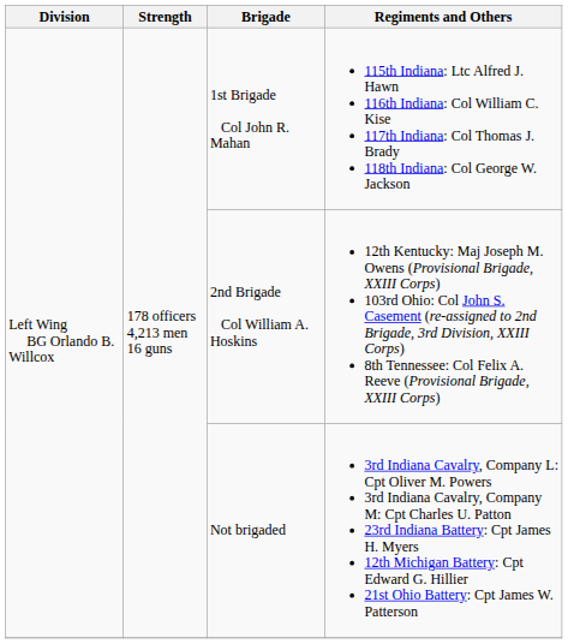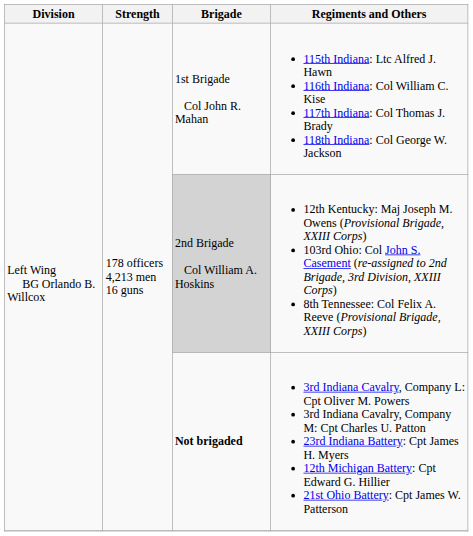 <table class="wikitable" style="text-align:left; width:70%;">
 <tr>
 <th width=15%>Division</th>
 <th width=10%>Strength</th>
 <th width=15%>Brigade</th>
 <th width=30%>Regiments and Others</th>
 </tr>
 <tr>
 <td rowspan=3><br>Left Wing <br>     BG Orlando B. Willcox</td>
 <td rowspan=3>178 officers<br>4,213 men<br>16 guns</td>
 <td>1st Brigade<br><br>   Col John R. Mahan</td>
 <td><br><ul><li><a href='#'>115th Indiana</a>: Ltc Alfred J. Hawn</li><li><a href='#'>116th Indiana</a>: Col William C. Kise</li><li><a href='#'>117th Indiana</a>: Col Thomas J. Brady</li><li><a href='#'>118th Indiana</a>: Col George W. Jackson</li></ul></td>
 </tr>
 <tr>
-<td>2nd Brigade<br><br>   Col William A. Hoskins</td>
+<td style="background: lightgrey;">2nd Brigade<br><br>   Col William A. Hoskins</td>
 <td><br><ul><li>12th Kentucky: Maj Joseph M. Owens (<em>Provisional Brigade, XXIII Corps</em>)</li><li>103rd Ohio: Col <a href='#'>John S. Casement</a> (<em>re-assigned to 2nd Brigade, 3rd Division, XXIII Corps</em>)</li><li>8th Tennessee: Col Felix A. Reeve (<em>Provisional Brigade, XXIII Corps</em>)</li></ul></td>
 </tr>
 <tr>
-<td>Not brigaded</td>
+<td><strong>Not brigaded</strong></td>
 <td><br><ul><li><a href='#'>3rd Indiana Cavalry</a>, Company L: Cpt Oliver M. Powers</li><li>3rd Indiana Cavalry, Company M: Cpt Charles U. Patton</li><li><a href='#'>23rd Indiana Battery</a>: Cpt James H. Myers</li><li><a href='#'>12th Michigan Battery</a>: Cpt Edward G. Hillier</li><li><a href='#'>21st Ohio Battery</a>: Cpt James W. Patterson</li></ul></td>
 </tr>
 <tr>
 </tr>
 </table>
